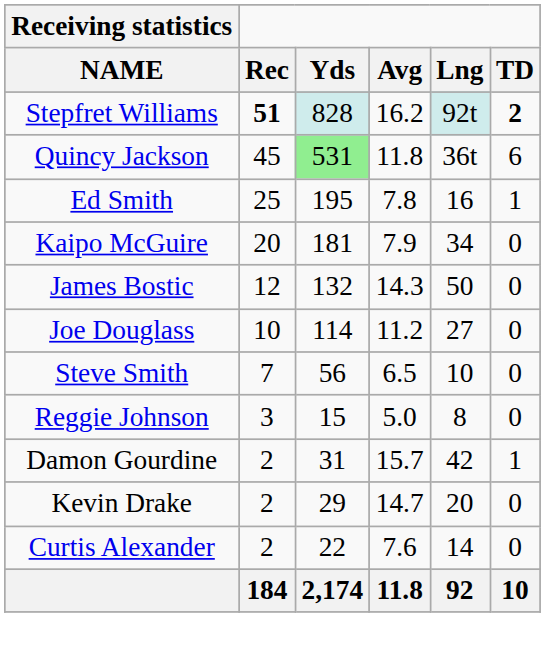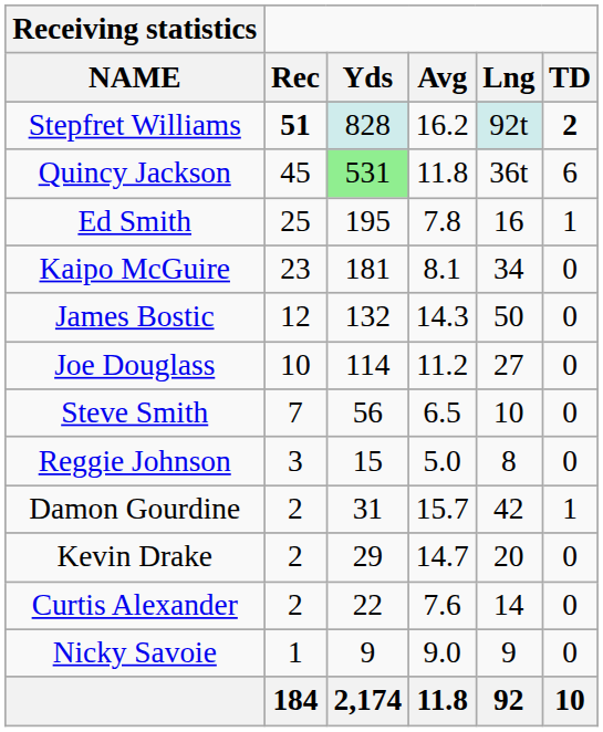 <table class="wikitable sortable" style="text-align:center;">
 <tr>
 <th style="text-align:center;">Receiving statistics</th>
 </tr>
 <tr>
 <th>NAME</th>
 <th>Rec</th>
 <th>Yds</th>
 <th>Avg</th>
 <th>Lng</th>
 <th>TD</th>
 </tr>
 <tr>
 <td><a href='#'>Stepfret Williams</a></td>
 <td><strong>51</strong></td>
 <td style="background:#cfecec;">828</td>
 <td>16.2</td>
 <td style="background:#cfecec;">92t</td>
 <td><strong>2</strong></td>
 </tr>
 <tr>
 <td><a href='#'>Quincy Jackson</a></td>
 <td>45</td>
 <td style="background: lightgreen;">531</td>
 <td>11.8</td>
 <td>36t</td>
 <td>6</td>
 </tr>
 <tr>
 <td><a href='#'>Ed Smith</a></td>
 <td>25</td>
 <td>195</td>
 <td>7.8</td>
 <td>16</td>
 <td>1</td>
 </tr>
 <tr>
 <td><a href='#'>Kaipo McGuire</a></td>
-<td>20</td>
+<td>23</td>
 <td>181</td>
-<td>7.9</td>
+<td>8.1</td>
 <td>34</td>
 <td>0</td>
 </tr>
 <tr>
 <td><a href='#'>James Bostic</a></td>
 <td>12</td>
 <td>132</td>
 <td>14.3</td>
 <td>50</td>
 <td>0</td>
 </tr>
 <tr>
 <td><a href='#'>Joe Douglass</a></td>
 <td>10</td>
 <td>114</td>
 <td>11.2</td>
 <td>27</td>
 <td>0</td>
 </tr>
 <tr>
 <td><a href='#'>Steve Smith</a></td>
 <td>7</td>
 <td>56</td>
 <td>6.5</td>
 <td>10</td>
 <td>0</td>
 </tr>
 <tr>
 <td><a href='#'>Reggie Johnson</a></td>
 <td>3</td>
 <td>15</td>
 <td>5.0</td>
 <td>8</td>
 <td>0</td>
 </tr>
 <tr>
 <td>Damon Gourdine</td>
 <td>2</td>
 <td>31</td>
 <td>15.7</td>
 <td>42</td>
 <td>1</td>
 </tr>
 <tr>
 <td>Kevin Drake</td>
 <td>2</td>
 <td>29</td>
 <td>14.7</td>
 <td>20</td>
 <td>0</td>
 </tr>
 <tr>
 <td><a href='#'>Curtis Alexander</a></td>
 <td>2</td>
 <td>22</td>
 <td>7.6</td>
 <td>14</td>
 <td>0</td>
 </tr>
 <tr>
+<td><a href='#'>Nicky Savoie</a></td>
+<td>1</td>
+<td>9</td>
+<td>9.0</td>
+<td>9</td>
+<td>0</td>
+</tr>
+<tr>
 <th colspan="1"></th>
 <th>184</th>
 <th>2,174</th>
 <th>11.8</th>
 <th>92</th>
 <th>10</th>
 </tr>
 </table>
